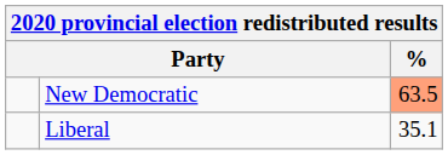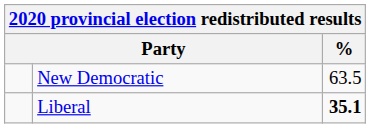 <table class="wikitable">
 <tr>
 <th colspan="4"><a href='#'>2020 provincial election</a> redistributed results</th>
 </tr>
 <tr>
 <th bgcolor="#DDDDFF" width="130px" colspan="2">Party</th>
 <th bgcolor="#DDDDFF" width="30px">%</th>
 </tr>
 <tr>
 <td> </td>
 <td><a href='#'>New Democratic</a></td>
-<td align=right style="background: lightsalmon;">63.5</td>
+<td align=right>63.5</td>
 </tr>
 <tr>
 <td> </td>
 <td><a href='#'>Liberal</a></td>
-<td align=right>35.1</td>
+<td align=right><strong>35.1</strong></td>
 </tr>
 </table>
